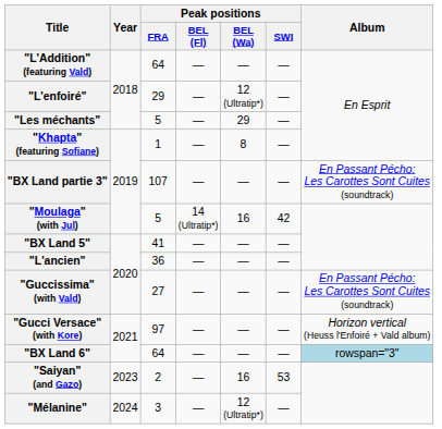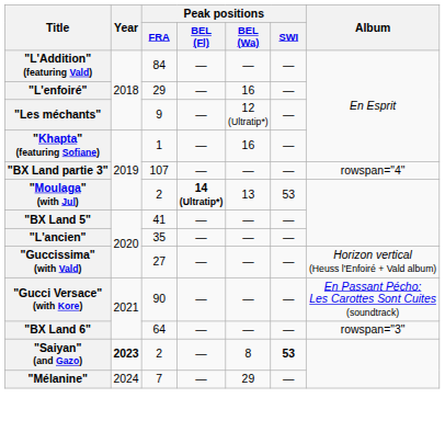 <table class="wikitable plainrowheaders" style="text-align:center">
 <tr>
 <th scope="col" rowspan="2">Title</th>
 <th scope="col" rowspan="2">Year</th>
 <th scope="col" colspan="4">Peak positions</th>
 <th scope="col" rowspan="2">Album</th>
 </tr>
 <tr>
 <th scope="col" style="width:3em;font-size:90%;"><a href='#'>FRA</a><br></th>
 <th scope="col" style="width:3em;font-size:90%;"><a href='#'>BEL <br>(Fl)</a><br></th>
 <th scope="col" style="width:3em;font-size:90%;"><a href='#'>BEL <br>(Wa)</a><br></th>
 <th scope="col" style="width:3em;font-size:90%;"><a href='#'>SWI</a><br></th>
 </tr>
 <tr>
 <th scope="row">"L'Addition"<br><small>(featuring <a href='#'>Vald</a>)</small></th>
 <td rowspan="3">2018</td>
-<td>64</td>
+<td>84</td>
 <td>—</td>
 <td>—</td>
 <td>—</td>
 <td rowspan="4"><em>En Esprit</em></td>
 </tr>
 <tr>
 <th scope="row">"L'enfoiré"</th>
 <td>29</td>
 <td>—</td>
-<td>12<br><small>(Ultratip*)</small></td>
+<td>16</td>
 <td>—</td>
 </tr>
 <tr>
 <th scope="row">"Les méchants"</th>
-<td>5</td>
+<td>9</td>
 <td>—</td>
-<td>29</td>
+<td>12<br><small>(Ultratip*)</small></td>
 <td>—</td>
 </tr>
 <tr>
 <th scope="row">"<a href='#'>Khapta</a>"<br><small>(featuring <a href='#'>Sofiane</a>)</small></th>
 <td rowspan="3">2019</td>
 <td>1</td>
 <td>—</td>
-<td>8</td>
+<td>16</td>
 <td>—</td>
 </tr>
 <tr>
 <th scope="row">"BX Land partie 3"</th>
 <td>107</td>
 <td>—</td>
 <td>—</td>
 <td>—</td>
-<td><em><a href='#'>En Passant Pécho: <br>Les Carottes Sont Cuites</a></em> <small><br>(soundtrack)</small></td>
+<td>rowspan="4" </td>
 </tr>
 <tr>
 <th scope="row">"<a href='#'>Moulaga</a>"<br><small>(with <a href='#'>Jul</a>)</small></th>
-<td>5</td>
-<td>14<br><small>(Ultratip*)</small></td>
-<td>16</td>
-<td>42</td>
+<td>2</td>
+<td><strong>14<br><small>(Ultratip*)</small></strong></td>
+<td>13</td>
+<td>53</td>
 </tr>
 <tr>
 <th scope="row">"BX Land 5"</th>
 <td rowspan=3>2020</td>
 <td>41</td>
 <td>—</td>
 <td>—</td>
 <td>—</td>
 </tr>
 <tr>
 <th scope="row">"L'ancien"</th>
-<td>36</td>
+<td>35</td>
 <td>—</td>
 <td>—</td>
 <td>—</td>
 </tr>
 <tr>
 <th scope="row">"Guccissima"<br><small>(with <a href='#'>Vald</a>)</small></th>
 <td>27</td>
 <td>—</td>
 <td>—</td>
 <td>—</td>
-<td><em><a href='#'>En Passant Pécho: <br>Les Carottes Sont Cuites</a></em> <small><br>(soundtrack)</small></td>
+<td><em>Horizon vertical</em><br><small>(Heuss l'Enfoiré + Vald album)</small></td>
 </tr>
 <tr>
 <th scope="row">"Gucci Versace" <br><small>(with <a href='#'>Kore</a>)</small></th>
 <td rowspan=2>2021</td>
-<td>97</td>
+<td>90</td>
 <td>—</td>
 <td>—</td>
 <td>—</td>
-<td><em>Horizon vertical</em><br><small>(Heuss l'Enfoiré + Vald album)</small></td>
+<td><em><a href='#'>En Passant Pécho: <br>Les Carottes Sont Cuites</a></em> <small><br>(soundtrack)</small></td>
 </tr>
 <tr>
 <th scope="row">"BX Land 6"</th>
 <td>64</td>
 <td>—</td>
 <td>—</td>
 <td>—</td>
-<td style="background: lightblue;">rowspan="3" </td>
+<td>rowspan="3" </td>
 </tr>
 <tr>
 <th scope="row">"Saiyan"<br><small>(and <a href='#'>Gazo</a>)</small></th>
-<td>2023</td>
+<td><strong>2023</strong></td>
 <td>2</td>
 <td>—</td>
-<td>16</td>
-<td>53</td>
+<td>8</td>
+<td><strong>53</strong></td>
 </tr>
 <tr>
 <th scope="row">"Mélanine"<br></th>
 <td>2024</td>
-<td>3</td>
+<td>7</td>
 <td>—</td>
-<td>12<br><small>(Ultratip*)</small></td>
+<td>29</td>
 <td>—</td>
 </tr>
 </table>
